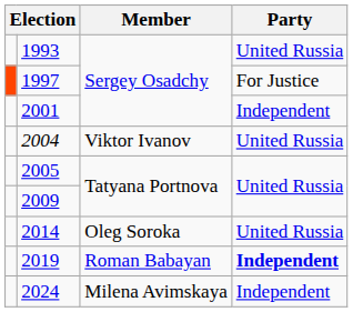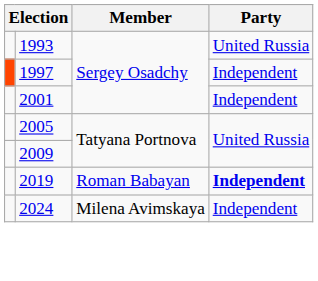 <table class="wikitable">
 <tr>
 <th colspan="2">Election</th>
 <th>Member</th>
 <th>Party</th>
 </tr>
 <tr>
 <td style="background-color:"></td>
 <td><a href='#'>1993</a></td>
 <td rowspan=3><a href='#'>Sergey Osadchy</a></td>
 <td><a href='#'>United Russia</a></td>
 </tr>
 <tr>
 <td style="background-color:#FF4400"></td>
 <td><a href='#'>1997</a></td>
-<td>For Justice</td>
+<td><a href='#'>Independent</a></td>
 </tr>
 <tr>
 <td style="background-color:"></td>
 <td><a href='#'>2001</a></td>
 <td><a href='#'>Independent</a></td>
-</tr>
-<tr>
-<td style="background-color:"></td>
-<td><em>2004</em></td>
-<td>Viktor Ivanov</td>
-<td><a href='#'>United Russia</a></td>
 </tr>
 <tr>
 <td style="background-color:"></td>
 <td><a href='#'>2005</a></td>
 <td rowspan=2>Tatyana Portnova</td>
 <td rowspan=2><a href='#'>United Russia</a></td>
 </tr>
 <tr>
 <td style="background-color:"></td>
 <td><a href='#'>2009</a></td>
-</tr>
-<tr>
-<td style="background-color:"></td>
-<td><a href='#'>2014</a></td>
-<td>Oleg Soroka</td>
-<td><a href='#'>United Russia</a></td>
 </tr>
 <tr>
 <td style="background-color:"></td>
 <td><a href='#'>2019</a></td>
 <td><a href='#'>Roman Babayan</a></td>
 <td><strong><a href='#'>Independent</a></strong></td>
 </tr>
 <tr>
 <td style="background-color:"></td>
 <td><a href='#'>2024</a></td>
 <td>Milena Avimskaya</td>
 <td><a href='#'>Independent</a></td>
 </tr>
 </table>
